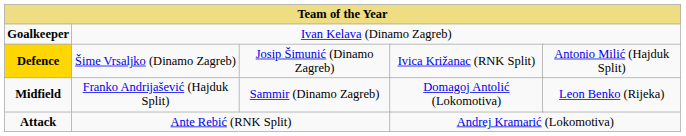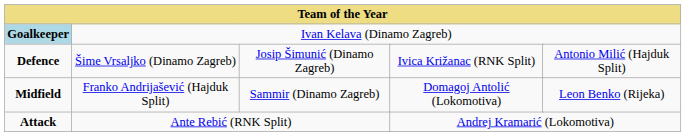 <table class="wikitable" style="text-align:center">
 <tr>
 <th style="background-color: #eedd82"     colspan="13">Team of the Year</th>
 </tr>
 <tr>
-<td><strong>Goalkeeper</strong></td>
+<td style="background: lightblue;"><strong>Goalkeeper</strong></td>
 <td colspan="12"> <a href='#'>Ivan Kelava</a> (Dinamo Zagreb)</td>
 </tr>
 <tr>
-<td style="background: gold;"><strong>Defence</strong></td>
+<td><strong>Defence</strong></td>
 <td colspan="3"> <a href='#'>Šime Vrsaljko</a> (Dinamo Zagreb)</td>
 <td colspan="3"> <a href='#'>Josip Šimunić</a> (Dinamo Zagreb)</td>
 <td colspan="3"> <a href='#'>Ivica Križanac</a>  (RNK Split)</td>
 <td colspan="3"> <a href='#'>Antonio Milić</a>  (Hajduk Split)</td>
 </tr>
 <tr>
 <td><strong>Midfield</strong></td>
 <td colspan="3"> <a href='#'>Franko Andrijašević</a> (Hajduk Split)</td>
 <td colspan="3"> <a href='#'>Sammir</a>  (Dinamo Zagreb)</td>
 <td colspan="3"> <a href='#'>Domagoj Antolić</a> (Lokomotiva)</td>
 <td colspan="3"> <a href='#'>Leon Benko</a> (Rijeka)</td>
 </tr>
 <tr>
 <td><strong>Attack</strong></td>
 <td colspan="6"> <a href='#'>Ante Rebić</a> (RNK Split)</td>
 <td colspan="6"> <a href='#'>Andrej Kramarić</a> (Lokomotiva)</td>
 </tr>
 </table>
